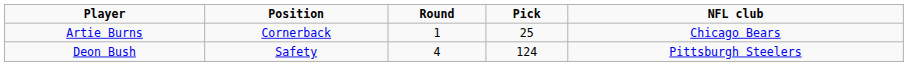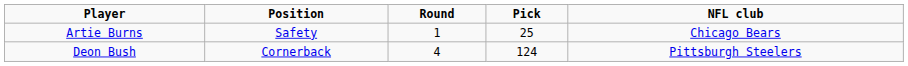 <table class="wikitable" style="width:80%;">
 <tr style="text-align:center; ">
 <td><strong>Player</strong></td>
 <td><strong>Position</strong></td>
 <td><strong>Round</strong></td>
 <td><strong>Pick</strong></td>
 <td><strong>NFL club</strong></td>
 </tr>
 <tr style="text-align:center;">
 <td><a href='#'>Artie Burns</a></td>
-<td><a href='#'>Cornerback</a></td>
+<td><a href='#'>Safety</a></td>
 <td>1</td>
 <td>25</td>
 <td><a href='#'>Chicago Bears</a></td>
 </tr>
 <tr style="text-align:center;">
 <td><a href='#'>Deon Bush</a></td>
-<td><a href='#'>Safety</a></td>
+<td><a href='#'>Cornerback</a></td>
 <td>4</td>
 <td>124</td>
 <td><a href='#'>Pittsburgh Steelers</a></td>
 </tr>
 </table>
